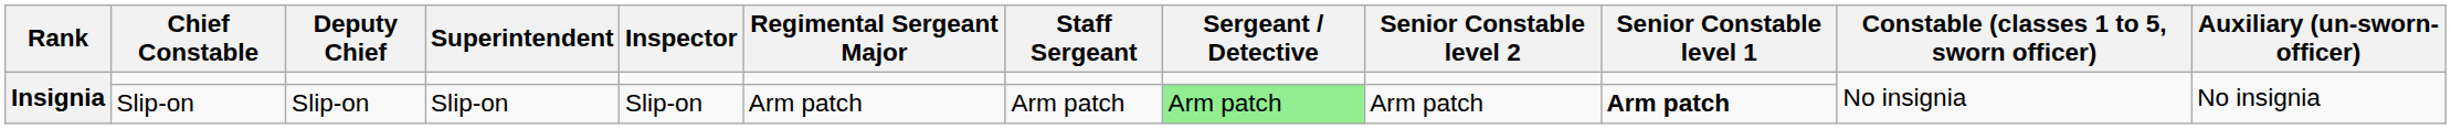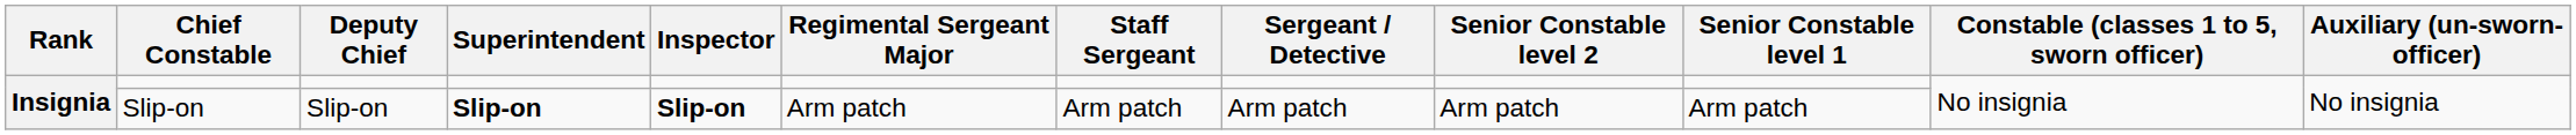 <table class="wikitable">
 <tr>
 <th>Rank</th>
 <th>Chief Constable</th>
 <th>Deputy Chief</th>
 <th>Superintendent</th>
 <th>Inspector</th>
 <th>Regimental Sergeant Major</th>
 <th>Staff Sergeant</th>
 <th>Sergeant / Detective</th>
 <th>Senior Constable level 2</th>
 <th>Senior Constable level 1</th>
 <th>Constable (classes 1 to 5, sworn officer)</th>
 <th>Auxiliary (un-sworn-officer)</th>
 </tr>
 <tr>
 <th rowspan="2">Insignia</th>
 <td></td>
 <td></td>
 <td></td>
 <td></td>
 <td></td>
 <td></td>
 <td></td>
 <td></td>
 <td></td>
 <td rowspan="2">No insignia</td>
 <td rowspan="2">No insignia</td>
 </tr>
 <tr>
 <td>Slip-on</td>
 <td>Slip-on</td>
-<td>Slip-on</td>
-<td>Slip-on</td>
+<td><strong>Slip-on</strong></td>
+<td><strong>Slip-on</strong></td>
 <td>Arm patch</td>
 <td>Arm patch</td>
-<td style="background: lightgreen;">Arm patch</td>
 <td>Arm patch</td>
-<td><strong>Arm patch</strong></td>
+<td>Arm patch</td>
+<td>Arm patch</td>
 </tr>
 </table>
